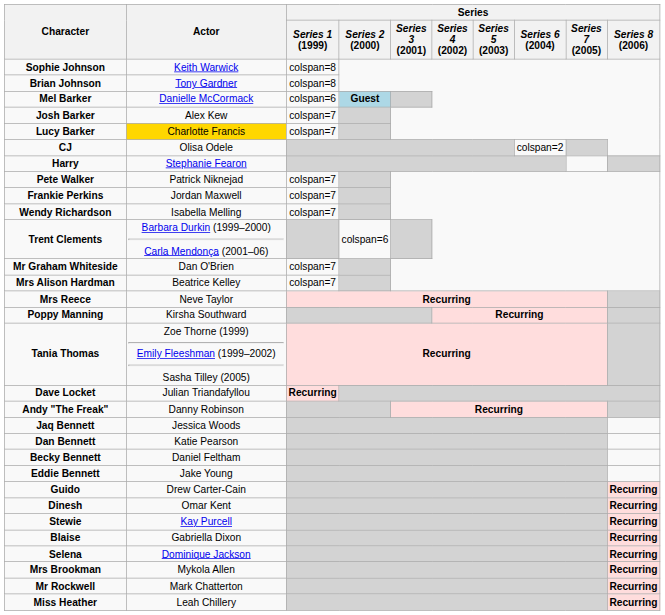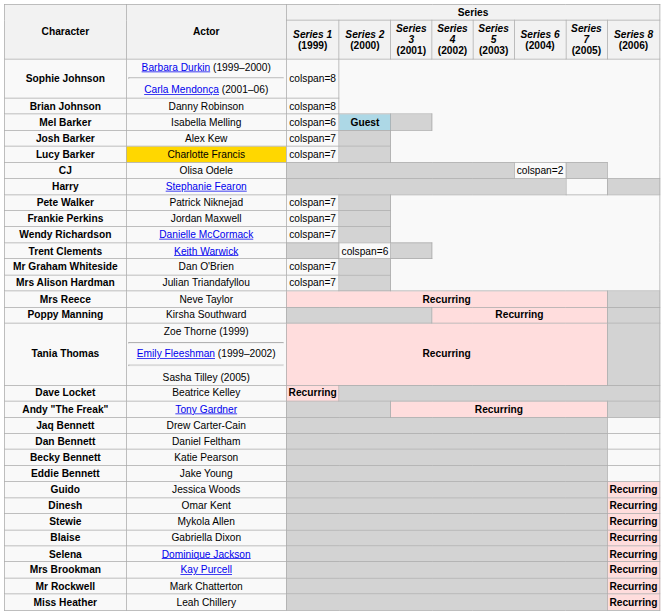 <table class="wikitable" style="text-align:center; width:99%; font-size:85%">
 <tr>
 <th rowspan="2">Character</th>
 <th rowspan=2>Actor</th>
 <th colspan="8">Series</th>
 </tr>
 <tr>
 <th style="width:6.28%;"><em>Series 1</em><br>(1999)</th>
 <th style="width:6.28%;"><em>Series 2</em><br>(2000)</th>
 <th style="width:6.28%;"><em>Series 3</em><br>(2001)</th>
 <th style="width:6.28%;"><em>Series 4</em><br>(2002)</th>
 <th style="width:6.28%;"><em>Series 5</em><br>(2003)</th>
 <th style="width:6.28%;"><em>Series 6</em><br>(2004)</th>
 <th style="width:6.28%;"><em>Series 7</em><br>(2005)</th>
 <th style="width:6.28%;"><em>Series 8</em><br>(2006)</th>
 </tr>
 <tr>
 <td><strong>Sophie Johnson</strong></td>
-<td><a href='#'>Keith Warwick</a></td>
+<td><a href='#'>Barbara Durkin</a> (1999–2000)<hr><a href='#'>Carla Mendonça</a> (2001–06)</td>
 <td>colspan=8 </td>
 </tr>
 <tr>
 <td><strong>Brian Johnson</strong></td>
-<td><a href='#'>Tony Gardner</a></td>
+<td>Danny Robinson</td>
 <td>colspan=8 </td>
 </tr>
 <tr>
 <td><strong>Mel Barker</strong></td>
-<td><a href='#'>Danielle McCormack</a></td>
+<td>Isabella Melling</td>
 <td>colspan=6 </td>
 <td style="background: lightblue" align="center"><strong>Guest</strong></td>
 <td style="background:lightgrey;"> </td>
 </tr>
 <tr>
 <td><strong>Josh Barker</strong></td>
 <td>Alex Kew</td>
 <td>colspan=7 </td>
 <td style="background:lightgrey;"> </td>
 </tr>
 <tr>
 <td><strong>Lucy Barker</strong></td>
 <td style="background: gold;">Charlotte Francis</td>
 <td>colspan=7 </td>
 <td style="background:lightgrey;"> </td>
 </tr>
 <tr>
 <td><strong>CJ</strong></td>
 <td>Olisa Odele</td>
 <td colspan=5 style="background:lightgrey;"> </td>
 <td>colspan=2 </td>
 <td style="background:lightgrey;"> </td>
 </tr>
 <tr>
 <td><strong>Harry</strong></td>
 <td><a href='#'>Stephanie Fearon</a></td>
 <td colspan=6 style="background:lightgrey;"> </td>
 <td></td>
 <td style="background:lightgrey;"> </td>
 </tr>
 <tr>
 <td><strong>Pete Walker</strong></td>
 <td>Patrick Niknejad</td>
 <td>colspan=7 </td>
 <td style="background:lightgrey;"> </td>
 </tr>
 <tr>
 <td><strong>Frankie Perkins</strong></td>
 <td>Jordan Maxwell</td>
 <td>colspan=7 </td>
 <td style="background:lightgrey;"> </td>
 </tr>
 <tr>
 <td><strong>Wendy Richardson</strong></td>
-<td>Isabella Melling</td>
+<td><a href='#'>Danielle McCormack</a></td>
 <td>colspan=7 </td>
 <td style="background:lightgrey;"> </td>
 </tr>
 <tr>
 <td><strong>Trent Clements</strong></td>
-<td><a href='#'>Barbara Durkin</a> (1999–2000)<hr><a href='#'>Carla Mendonça</a> (2001–06)</td>
+<td><a href='#'>Keith Warwick</a></td>
 <td style="background:lightgrey;"> </td>
 <td>colspan=6 </td>
 <td style="background:lightgrey;"> </td>
 </tr>
 <tr>
 <td><strong>Mr Graham Whiteside</strong></td>
 <td>Dan O'Brien</td>
 <td>colspan=7 </td>
 <td style="background:lightgrey;"> </td>
 </tr>
 <tr>
 <td><strong>Mrs Alison Hardman</strong></td>
-<td>Beatrice Kelley</td>
+<td>Julian Triandafyllou</td>
 <td>colspan=7 </td>
 <td style="background:lightgrey;"> </td>
 </tr>
 <tr>
 <td><strong>Mrs Reece</strong></td>
 <td>Neve Taylor</td>
 <td colspan=7 style="background: #ffdddd" align="center"><strong>Recurring</strong></td>
 <td style="background:lightgrey;"> </td>
 </tr>
 <tr>
 <td><strong>Poppy Manning</strong></td>
 <td>Kirsha Southward</td>
 <td colspan=3 style="background:lightgrey;"> </td>
 <td colspan=4 style="background: #ffdddd" align="center"><strong>Recurring</strong></td>
 <td style="background:lightgrey;"> </td>
 </tr>
 <tr>
 <td><strong>Tania Thomas</strong></td>
 <td>Zoe Thorne (1999)<hr><a href='#'>Emily Fleeshman</a> (1999–2002)<hr>Sasha Tilley (2005)</td>
 <td colspan=7 style="background: #ffdddd" align="center"><strong>Recurring</strong></td>
 <td style="background:lightgrey;"> </td>
 </tr>
 <tr>
 <td><strong>Dave Locket</strong></td>
-<td>Julian Triandafyllou</td>
+<td>Beatrice Kelley</td>
 <td style="background: #ffdddd" align="center"><strong>Recurring</strong></td>
 <td colspan=7 style="background:lightgrey;"> </td>
 </tr>
 <tr>
 <td><strong>Andy "The Freak"</strong></td>
-<td>Danny Robinson</td>
+<td><a href='#'>Tony Gardner</a></td>
 <td colspan=2 style="background:lightgrey;"> </td>
 <td colspan=5 style="background: #ffdddd" align="center"><strong>Recurring</strong></td>
 <td style="background:lightgrey;"> </td>
 </tr>
 <tr>
 <td><strong>Jaq Bennett</strong></td>
-<td>Jessica Woods</td>
+<td>Drew Carter-Cain</td>
 <td colspan=7 style="background:lightgrey;"> </td>
 <td></td>
 </tr>
 <tr>
 <td><strong>Dan Bennett</strong></td>
-<td>Katie Pearson</td>
+<td>Daniel Feltham</td>
 <td colspan=7 style="background:lightgrey;"> </td>
 <td></td>
 </tr>
 <tr>
 <td><strong>Becky Bennett</strong></td>
-<td>Daniel Feltham</td>
+<td>Katie Pearson</td>
 <td colspan=7 style="background:lightgrey;"> </td>
 <td></td>
 </tr>
 <tr>
 <td><strong>Eddie Bennett</strong></td>
 <td>Jake Young</td>
 <td colspan=7 style="background:lightgrey;"> </td>
 <td></td>
 </tr>
 <tr>
 <td><strong>Guido</strong></td>
-<td>Drew Carter-Cain</td>
+<td>Jessica Woods</td>
 <td colspan=7 style="background:lightgrey;"> </td>
 <td style="background: #ffdddd" align="center"><strong>Recurring</strong></td>
 </tr>
 <tr>
 <td><strong>Dinesh</strong></td>
 <td>Omar Kent</td>
 <td colspan=7 style="background:lightgrey;"> </td>
 <td style="background: #ffdddd" align="center"><strong>Recurring</strong></td>
 </tr>
 <tr>
 <td><strong>Stewie</strong></td>
-<td><a href='#'>Kay Purcell</a></td>
+<td>Mykola Allen</td>
 <td colspan=7 style="background:lightgrey;"> </td>
 <td style="background: #ffdddd" align="center"><strong>Recurring</strong></td>
 </tr>
 <tr>
 <td><strong>Blaise</strong></td>
 <td>Gabriella Dixon</td>
 <td colspan=7 style="background:lightgrey;"> </td>
 <td style="background: #ffdddd" align="center"><strong>Recurring</strong></td>
 </tr>
 <tr>
 <td><strong>Selena</strong></td>
 <td><a href='#'>Dominique Jackson</a></td>
 <td colspan=7 style="background:lightgrey;"> </td>
 <td style="background: #ffdddd" align="center"><strong>Recurring</strong></td>
 </tr>
 <tr>
 <td><strong>Mrs Brookman</strong></td>
-<td>Mykola Allen</td>
+<td><a href='#'>Kay Purcell</a></td>
 <td colspan=7 style="background:lightgrey;"> </td>
 <td style="background: #ffdddd" align="center"><strong>Recurring</strong></td>
 </tr>
 <tr>
 <td><strong>Mr Rockwell</strong></td>
 <td>Mark Chatterton</td>
 <td colspan=7 style="background:lightgrey;"> </td>
 <td style="background: #ffdddd" align="center"><strong>Recurring</strong></td>
 </tr>
 <tr>
 <td><strong>Miss Heather</strong></td>
 <td>Leah Chillery</td>
 <td colspan=7 style="background:lightgrey;"> </td>
 <td style="background: #ffdddd" align="center"><strong>Recurring</strong></td>
 </tr>
 </table>
